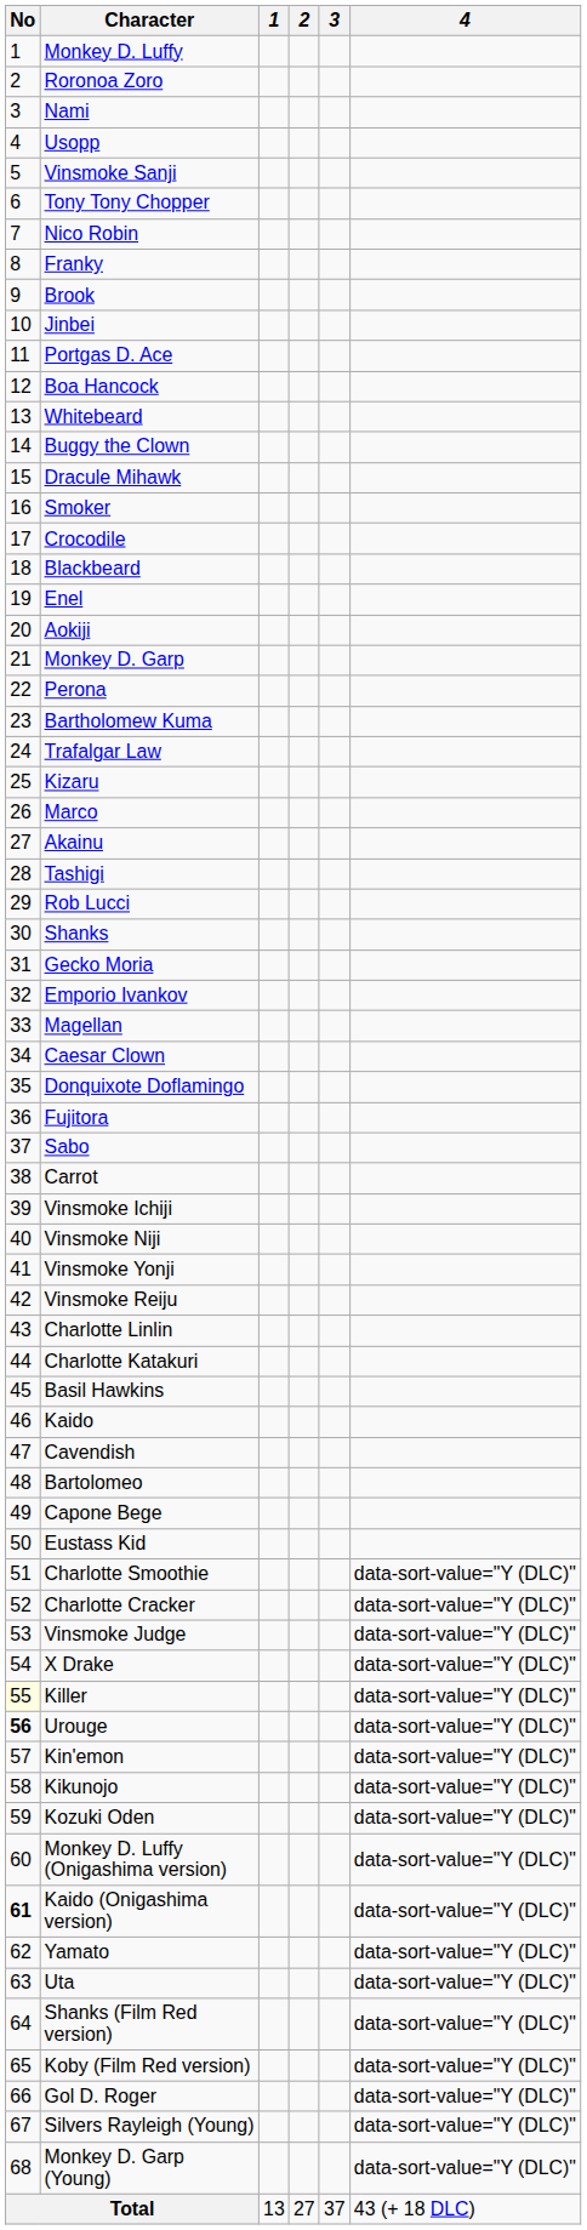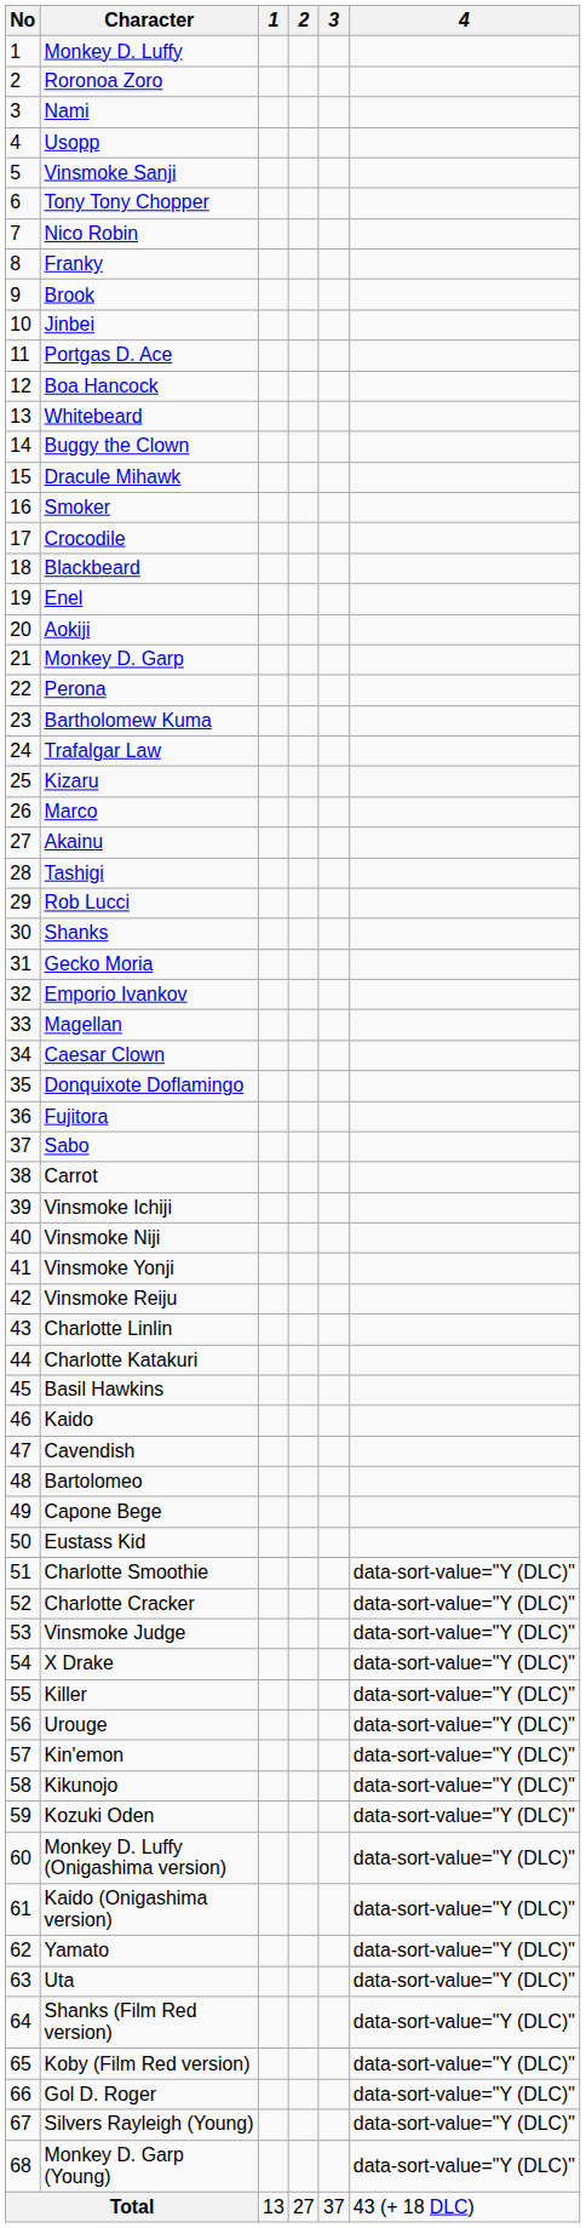 <table class="wikitable sortable" border="1">
 <tr>
 <th>No</th>
 <th width="175">Character</th>
 <th align="center"><em>1</em></th>
 <th align="center"><em>2</em></th>
 <th align="center"><em>3</em></th>
 <th align="center"><em>4</em></th>
 </tr>
 <tr>
 <td>1</td>
 <td><a href='#'>Monkey D. Luffy</a></td>
 <td></td>
 <td></td>
 <td></td>
 <td></td>
 </tr>
 <tr>
 <td>2</td>
 <td><a href='#'>Roronoa Zoro</a></td>
 <td></td>
 <td></td>
 <td></td>
 <td></td>
 </tr>
 <tr>
 <td>3</td>
 <td><a href='#'>Nami</a></td>
 <td></td>
 <td></td>
 <td></td>
 <td></td>
 </tr>
 <tr>
 <td>4</td>
 <td><a href='#'>Usopp</a></td>
 <td></td>
 <td></td>
 <td></td>
 <td></td>
 </tr>
 <tr>
 <td>5</td>
 <td><a href='#'>Vinsmoke Sanji</a></td>
 <td></td>
 <td></td>
 <td></td>
 <td></td>
 </tr>
 <tr>
 <td>6</td>
 <td><a href='#'>Tony Tony Chopper</a></td>
 <td></td>
 <td></td>
 <td></td>
 <td></td>
 </tr>
 <tr>
 <td>7</td>
 <td><a href='#'>Nico Robin</a></td>
 <td></td>
 <td></td>
 <td></td>
 <td></td>
 </tr>
 <tr>
 <td>8</td>
 <td><a href='#'>Franky</a></td>
 <td></td>
 <td></td>
 <td></td>
 <td></td>
 </tr>
 <tr>
 <td>9</td>
 <td><a href='#'>Brook</a></td>
 <td></td>
 <td></td>
 <td></td>
 <td></td>
 </tr>
 <tr>
 <td>10</td>
 <td><a href='#'>Jinbei</a></td>
 <td></td>
 <td></td>
 <td></td>
 <td></td>
 </tr>
 <tr>
 <td>11</td>
 <td><a href='#'>Portgas D. Ace</a></td>
 <td></td>
 <td></td>
 <td></td>
 <td></td>
 </tr>
 <tr>
 <td>12</td>
 <td><a href='#'>Boa Hancock</a></td>
 <td></td>
 <td></td>
 <td></td>
 <td></td>
 </tr>
 <tr>
 <td>13</td>
 <td><a href='#'>Whitebeard</a></td>
 <td></td>
 <td></td>
 <td></td>
 <td></td>
 </tr>
 <tr>
 <td>14</td>
 <td><a href='#'>Buggy the Clown</a></td>
 <td></td>
 <td></td>
 <td></td>
 <td></td>
 </tr>
 <tr>
 <td>15</td>
 <td><a href='#'>Dracule Mihawk</a></td>
 <td></td>
 <td></td>
 <td></td>
 <td></td>
 </tr>
 <tr>
 <td>16</td>
 <td><a href='#'>Smoker</a></td>
 <td></td>
 <td></td>
 <td></td>
 <td></td>
 </tr>
 <tr>
 <td>17</td>
 <td><a href='#'>Crocodile</a></td>
 <td></td>
 <td></td>
 <td></td>
 <td></td>
 </tr>
 <tr>
 <td>18</td>
 <td><a href='#'>Blackbeard</a></td>
 <td></td>
 <td></td>
 <td></td>
 <td></td>
 </tr>
 <tr>
 <td>19</td>
 <td><a href='#'>Enel</a></td>
 <td></td>
 <td></td>
 <td></td>
 <td></td>
 </tr>
 <tr>
 <td>20</td>
 <td><a href='#'>Aokiji</a></td>
 <td></td>
 <td></td>
 <td></td>
 <td></td>
 </tr>
 <tr>
 <td>21</td>
 <td><a href='#'>Monkey D. Garp</a></td>
 <td></td>
 <td></td>
 <td></td>
 <td></td>
 </tr>
 <tr>
 <td>22</td>
 <td><a href='#'>Perona</a></td>
 <td></td>
 <td></td>
 <td></td>
 <td></td>
 </tr>
 <tr>
 <td>23</td>
 <td><a href='#'>Bartholomew Kuma</a></td>
 <td></td>
 <td></td>
 <td></td>
 <td></td>
 </tr>
 <tr>
 <td>24</td>
 <td><a href='#'>Trafalgar Law</a></td>
 <td></td>
 <td></td>
 <td></td>
 <td></td>
 </tr>
 <tr>
 <td>25</td>
 <td><a href='#'>Kizaru</a></td>
 <td></td>
 <td></td>
 <td></td>
 <td></td>
 </tr>
 <tr>
 <td>26</td>
 <td><a href='#'>Marco</a></td>
 <td></td>
 <td></td>
 <td></td>
 <td></td>
 </tr>
 <tr>
 <td>27</td>
 <td><a href='#'>Akainu</a></td>
 <td></td>
 <td></td>
 <td></td>
 <td></td>
 </tr>
 <tr>
 <td>28</td>
 <td><a href='#'>Tashigi</a></td>
 <td></td>
 <td></td>
 <td></td>
 <td></td>
 </tr>
 <tr>
 <td>29</td>
 <td><a href='#'>Rob Lucci</a></td>
 <td></td>
 <td></td>
 <td></td>
 <td></td>
 </tr>
 <tr>
 <td>30</td>
 <td><a href='#'>Shanks</a></td>
 <td></td>
 <td></td>
 <td></td>
 <td></td>
 </tr>
 <tr>
 <td>31</td>
 <td><a href='#'>Gecko Moria</a></td>
 <td></td>
 <td></td>
 <td></td>
 <td></td>
 </tr>
 <tr>
 <td>32</td>
 <td><a href='#'>Emporio Ivankov</a></td>
 <td></td>
 <td></td>
 <td></td>
 <td></td>
 </tr>
 <tr>
 <td>33</td>
 <td><a href='#'>Magellan</a></td>
 <td></td>
 <td></td>
 <td></td>
 <td></td>
 </tr>
 <tr>
 <td>34</td>
 <td><a href='#'>Caesar Clown</a></td>
 <td></td>
 <td></td>
 <td></td>
 <td></td>
 </tr>
 <tr>
 <td>35</td>
 <td><a href='#'>Donquixote Doflamingo</a></td>
 <td></td>
 <td></td>
 <td></td>
 <td></td>
 </tr>
 <tr>
 <td>36</td>
 <td><a href='#'>Fujitora</a></td>
 <td></td>
 <td></td>
 <td></td>
 <td></td>
 </tr>
 <tr>
 <td>37</td>
 <td><a href='#'>Sabo</a></td>
 <td></td>
 <td></td>
 <td></td>
 <td></td>
 </tr>
 <tr>
 <td>38</td>
 <td>Carrot</td>
 <td></td>
 <td></td>
 <td></td>
 <td></td>
 </tr>
 <tr>
 <td>39</td>
 <td>Vinsmoke Ichiji</td>
 <td></td>
 <td></td>
 <td></td>
 <td></td>
 </tr>
 <tr>
 <td>40</td>
 <td>Vinsmoke Niji</td>
 <td></td>
 <td></td>
 <td></td>
 <td></td>
 </tr>
 <tr>
 <td>41</td>
 <td>Vinsmoke Yonji</td>
 <td></td>
 <td></td>
 <td></td>
 <td></td>
 </tr>
 <tr>
 <td>42</td>
 <td>Vinsmoke Reiju</td>
 <td></td>
 <td></td>
 <td></td>
 <td></td>
 </tr>
 <tr>
 <td>43</td>
 <td>Charlotte Linlin</td>
 <td></td>
 <td></td>
 <td></td>
 <td></td>
 </tr>
 <tr>
 <td>44</td>
 <td>Charlotte Katakuri</td>
 <td></td>
 <td></td>
 <td></td>
 <td></td>
 </tr>
 <tr>
 <td>45</td>
 <td>Basil Hawkins</td>
 <td></td>
 <td></td>
 <td></td>
 <td></td>
 </tr>
 <tr>
 <td>46</td>
 <td>Kaido</td>
 <td></td>
 <td></td>
 <td></td>
 <td></td>
 </tr>
 <tr>
 <td>47</td>
 <td>Cavendish</td>
 <td></td>
 <td></td>
 <td></td>
 <td></td>
 </tr>
 <tr>
 <td>48</td>
 <td>Bartolomeo</td>
 <td></td>
 <td></td>
 <td></td>
 <td></td>
 </tr>
 <tr>
 <td>49</td>
 <td>Capone Bege</td>
 <td></td>
 <td></td>
 <td></td>
 <td></td>
 </tr>
 <tr>
 <td>50</td>
 <td>Eustass Kid</td>
 <td></td>
 <td></td>
 <td></td>
 <td></td>
 </tr>
 <tr>
 <td>51</td>
 <td>Charlotte Smoothie</td>
 <td></td>
 <td></td>
 <td></td>
 <td>data-sort-value="Y (DLC)" </td>
 </tr>
 <tr>
 <td>52</td>
 <td>Charlotte Cracker</td>
 <td></td>
 <td></td>
 <td></td>
 <td>data-sort-value="Y (DLC)" </td>
 </tr>
 <tr>
 <td>53</td>
 <td>Vinsmoke Judge</td>
 <td></td>
 <td></td>
 <td></td>
 <td>data-sort-value="Y (DLC)" </td>
 </tr>
 <tr>
 <td>54</td>
 <td>X Drake</td>
 <td></td>
 <td></td>
 <td></td>
 <td>data-sort-value="Y (DLC)" </td>
 </tr>
 <tr>
-<td style="background: lightyellow;">55</td>
+<td>55</td>
 <td>Killer</td>
 <td></td>
 <td></td>
 <td></td>
 <td>data-sort-value="Y (DLC)" </td>
 </tr>
 <tr>
-<td><strong>56</strong></td>
+<td>56</td>
 <td>Urouge</td>
 <td></td>
 <td></td>
 <td></td>
 <td>data-sort-value="Y (DLC)" </td>
 </tr>
 <tr>
 <td>57</td>
 <td>Kin'emon</td>
 <td></td>
 <td></td>
 <td></td>
 <td>data-sort-value="Y (DLC)" </td>
 </tr>
 <tr>
 <td>58</td>
 <td>Kikunojo</td>
 <td></td>
 <td></td>
 <td></td>
 <td>data-sort-value="Y (DLC)" </td>
 </tr>
 <tr>
 <td>59</td>
 <td>Kozuki Oden</td>
 <td></td>
 <td></td>
 <td></td>
 <td>data-sort-value="Y (DLC)" </td>
 </tr>
 <tr>
 <td>60</td>
 <td>Monkey D. Luffy (Onigashima version)</td>
 <td></td>
 <td></td>
 <td></td>
 <td>data-sort-value="Y (DLC)" </td>
 </tr>
 <tr>
-<td><strong>61</strong></td>
+<td>61</td>
 <td>Kaido (Onigashima version)</td>
 <td></td>
 <td></td>
 <td></td>
 <td>data-sort-value="Y (DLC)" </td>
 </tr>
 <tr>
 <td>62</td>
 <td>Yamato</td>
 <td></td>
 <td></td>
 <td></td>
 <td>data-sort-value="Y (DLC)" </td>
 </tr>
 <tr>
 <td>63</td>
 <td>Uta</td>
 <td></td>
 <td></td>
 <td></td>
 <td>data-sort-value="Y (DLC)" </td>
 </tr>
 <tr>
 <td>64</td>
 <td>Shanks (Film Red version)</td>
 <td></td>
 <td></td>
 <td></td>
 <td>data-sort-value="Y (DLC)" </td>
 </tr>
 <tr>
 <td>65</td>
 <td>Koby (Film Red version)</td>
 <td></td>
 <td></td>
 <td></td>
 <td>data-sort-value="Y (DLC)" </td>
 </tr>
 <tr>
 <td>66</td>
 <td>Gol D. Roger</td>
 <td></td>
 <td></td>
 <td></td>
 <td>data-sort-value="Y (DLC)" </td>
 </tr>
 <tr>
 <td>67</td>
 <td>Silvers Rayleigh (Young)</td>
 <td></td>
 <td></td>
 <td></td>
 <td>data-sort-value="Y (DLC)" </td>
 </tr>
 <tr>
 <td>68</td>
 <td>Monkey D. Garp (Young)</td>
 <td></td>
 <td></td>
 <td></td>
 <td>data-sort-value="Y (DLC)" </td>
 </tr>
 <tr>
 <th colspan="2">Total</th>
 <td>13</td>
 <td>27</td>
 <td>37</td>
 <td>43 (+ 18 <a href='#'>DLC</a>)</td>
 </tr>
 </table>
